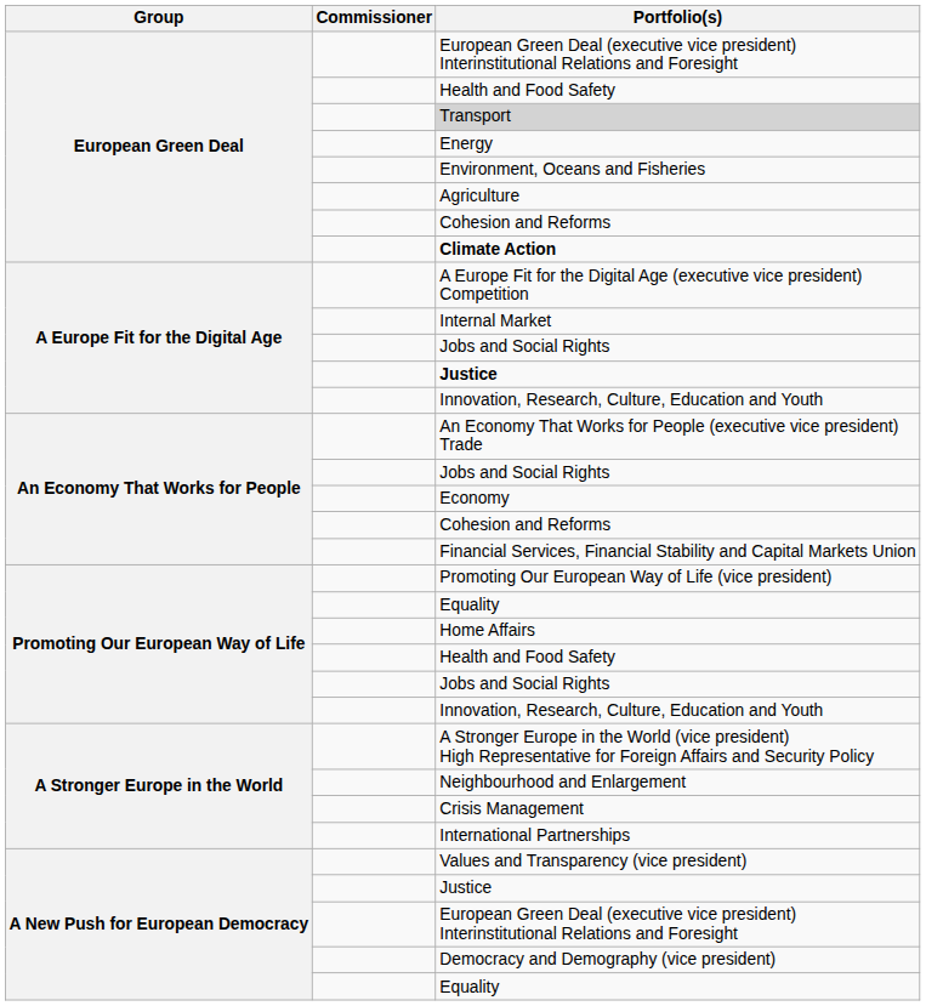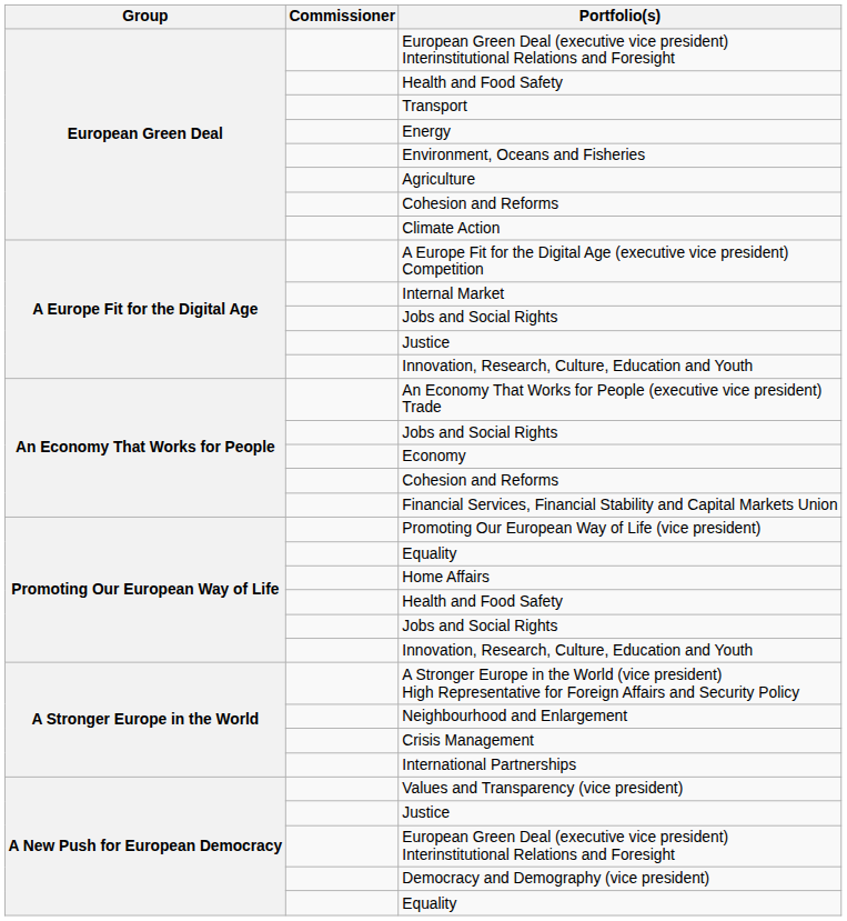 <table class="wikitable sortable">
 <tr>
 <th>Group</th>
 <th>Commissioner</th>
 <th>Portfolio(s)</th>
 </tr>
 <tr>
 <th rowspan=8>European Green Deal</th>
 <td></td>
 <td>European Green Deal (executive vice president)<br>Interinstitutional Relations and Foresight</td>
 </tr>
 <tr>
 <td></td>
 <td>Health and Food Safety</td>
 </tr>
 <tr>
 <td></td>
-<td style="background: lightgrey;">Transport</td>
+<td>Transport</td>
 </tr>
 <tr>
 <td></td>
 <td>Energy</td>
 </tr>
 <tr>
 <td></td>
 <td>Environment, Oceans and Fisheries</td>
 </tr>
 <tr>
 <td></td>
 <td>Agriculture</td>
 </tr>
 <tr>
 <td></td>
 <td>Cohesion and Reforms</td>
 </tr>
 <tr>
 <td></td>
-<td><strong>Climate Action</strong></td>
+<td>Climate Action</td>
 </tr>
 <tr>
 <th rowspan=5>A Europe Fit for the Digital Age</th>
 <td></td>
 <td>A Europe Fit for the Digital Age (executive vice president)<br>Competition</td>
 </tr>
 <tr>
 <td></td>
 <td>Internal Market</td>
 </tr>
 <tr>
 <td></td>
 <td>Jobs and Social Rights</td>
 </tr>
 <tr>
 <td></td>
-<td><strong>Justice</strong></td>
+<td>Justice</td>
 </tr>
 <tr>
 <td></td>
 <td>Innovation, Research, Culture, Education and Youth</td>
 </tr>
 <tr>
 <th rowspan=5>An Economy That Works for People</th>
 <td></td>
 <td>An Economy That Works for People (executive vice president)<br>Trade</td>
 </tr>
 <tr>
 <td></td>
 <td>Jobs and Social Rights</td>
 </tr>
 <tr>
 <td></td>
 <td>Economy</td>
 </tr>
 <tr>
 <td></td>
 <td>Cohesion and Reforms</td>
 </tr>
 <tr>
 <td></td>
 <td>Financial Services, Financial Stability and Capital Markets Union</td>
 </tr>
 <tr>
 <th rowspan=6>Promoting Our European Way of Life</th>
 <td></td>
 <td>Promoting Our European Way of Life (vice president)</td>
 </tr>
 <tr>
 <td></td>
 <td>Equality</td>
 </tr>
 <tr>
 <td></td>
 <td>Home Affairs</td>
 </tr>
 <tr>
 <td></td>
 <td>Health and Food Safety</td>
 </tr>
 <tr>
 <td></td>
 <td>Jobs and Social Rights</td>
 </tr>
 <tr>
 <td></td>
 <td>Innovation, Research, Culture, Education and Youth</td>
 </tr>
 <tr>
 <th rowspan=4>A Stronger Europe in the World</th>
 <td></td>
 <td>A Stronger Europe in the World (vice president)<br>High Representative for Foreign Affairs and Security Policy</td>
 </tr>
 <tr>
 <td></td>
 <td>Neighbourhood and Enlargement</td>
 </tr>
 <tr>
 <td></td>
 <td>Crisis Management</td>
 </tr>
 <tr>
 <td></td>
 <td>International Partnerships</td>
 </tr>
 <tr>
 <th rowspan=5>A New Push for European Democracy</th>
 <td></td>
 <td>Values and Transparency (vice president)</td>
 </tr>
 <tr>
 <td></td>
 <td>Justice</td>
 </tr>
 <tr>
 <td></td>
 <td>European Green Deal (executive vice president)<br>Interinstitutional Relations and Foresight</td>
 </tr>
 <tr>
 <td></td>
 <td>Democracy and Demography (vice president)</td>
 </tr>
 <tr>
 <td></td>
 <td>Equality</td>
 </tr>
 </table>
